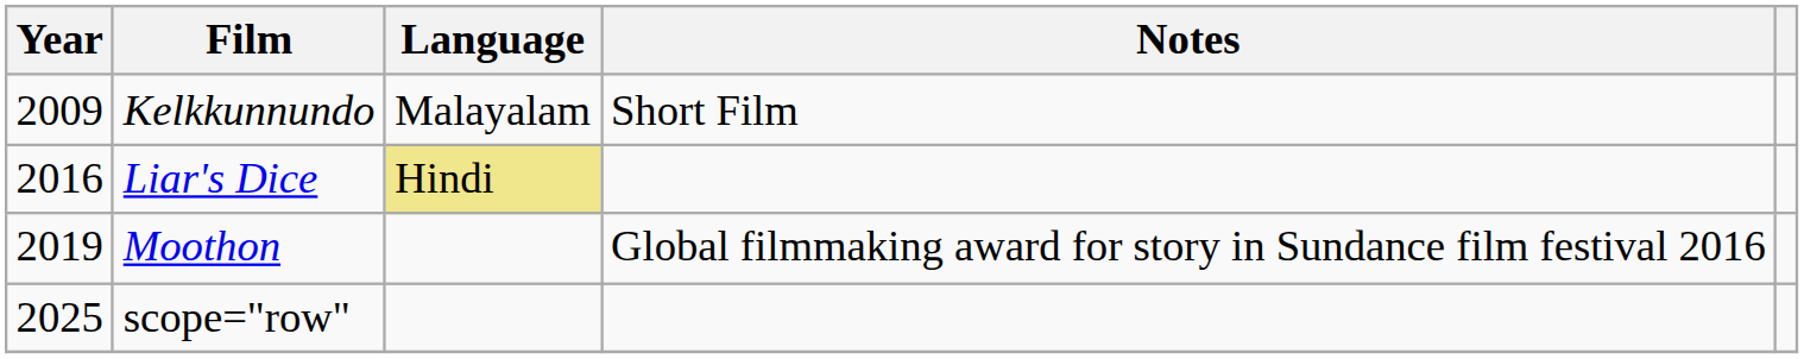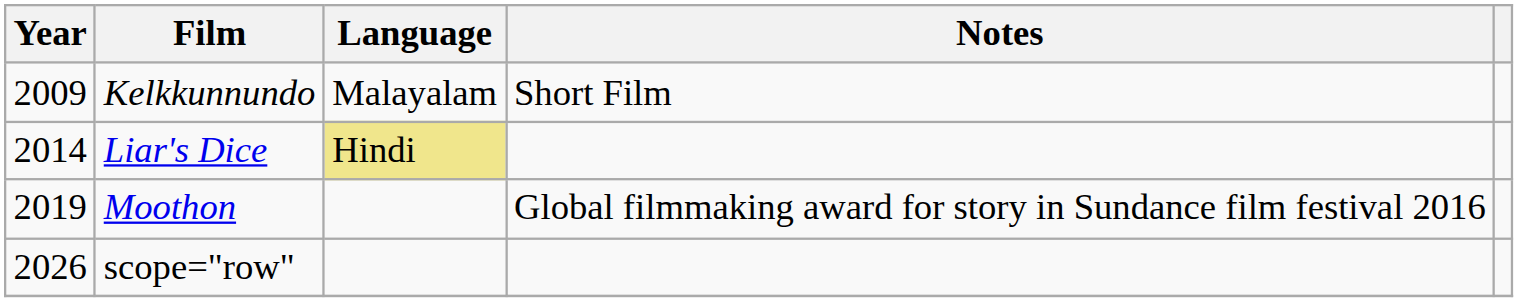 <table class="wikitable sortable">
 <tr>
 <th scope="col">Year</th>
 <th scope="col">Film</th>
 <th scope="col">Language</th>
 <th class="unsortable" scope="col">Notes</th>
 <th class="unsortable" scope="col"></th>
 </tr>
 <tr>
 <td>2009</td>
 <td><em>Kelkkunnundo</em></td>
 <td>Malayalam</td>
 <td>Short Film</td>
 <td style="text-align: center;"></td>
 </tr>
 <tr>
-<td>2016</td>
+<td>2014</td>
 <td><em><a href='#'>Liar's Dice</a></em></td>
 <td style="background: khaki;">Hindi</td>
 <td></td>
 <td style="text-align: center;"></td>
 </tr>
 <tr>
 <td>2019</td>
 <td><em><a href='#'>Moothon</a></em></td>
 <td></td>
 <td>Global filmmaking award for story in Sundance film festival 2016</td>
 <td style="text-align: center;"></td>
 </tr>
 <tr>
-<td>2025</td>
+<td>2026</td>
 <td>scope="row" </td>
 <td></td>
 <td></td>
 <td></td>
 </tr>
 <tr>
 </tr>
 </table>
